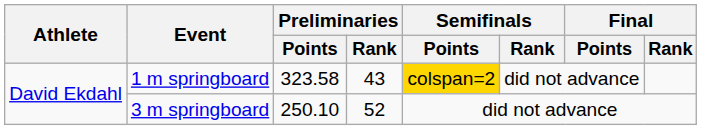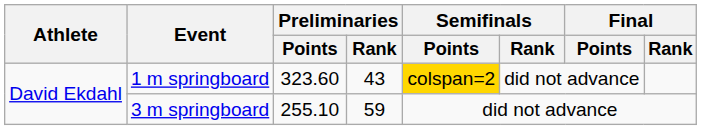 <table class="wikitable" style="text-align:center; font-size:90%">
 <tr>
 <th rowspan="2">Athlete</th>
 <th rowspan="2">Event</th>
 <th colspan="2">Preliminaries</th>
 <th colspan="2">Semifinals</th>
 <th colspan="2">Final</th>
 </tr>
 <tr style="font-size:95%">
 <th>Points</th>
 <th>Rank</th>
 <th>Points</th>
 <th>Rank</th>
 <th>Points</th>
 <th>Rank</th>
 </tr>
 <tr>
 <td align=left rowspan=2><a href='#'>David Ekdahl</a></td>
 <td align=left><a href='#'>1 m springboard</a></td>
-<td>323.58</td>
+<td>323.60</td>
 <td>43</td>
 <td style="background: gold;">colspan=2 </td>
 <td colspan=2>did not advance</td>
 </tr>
 <tr>
 <td align=left><a href='#'>3 m springboard</a></td>
-<td>250.10</td>
-<td>52</td>
+<td>255.10</td>
+<td>59</td>
 <td colspan=4>did not advance</td>
 </tr>
 </table>
